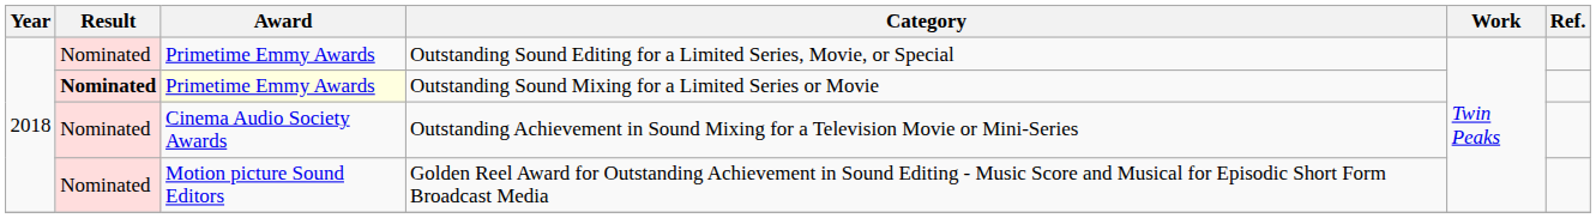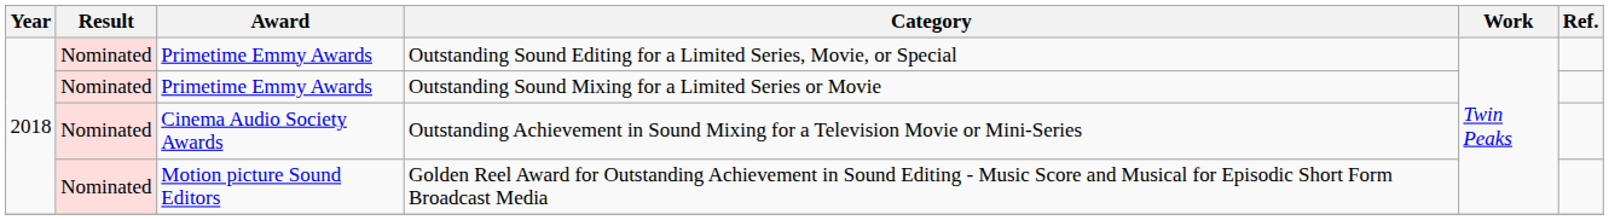 <table class="wikitable">
 <tr>
 <th>Year</th>
 <th>Result</th>
 <th>Award</th>
 <th>Category</th>
 <th>Work</th>
 <th>Ref.</th>
 </tr>
 <tr>
 <td rowspan="4">2018</td>
 <td style="background: #ffdddd">Nominated</td>
 <td><a href='#'>Primetime Emmy Awards</a></td>
 <td>Outstanding Sound Editing for a Limited Series, Movie, or Special</td>
 <td rowspan="4"><em><a href='#'>Twin Peaks</a></em></td>
 <td></td>
 </tr>
 <tr>
-<td style="background: #ffdddd"><strong>Nominated</strong></td>
-<td style="background: lightyellow;"><a href='#'>Primetime Emmy Awards</a></td>
+<td style="background: #ffdddd">Nominated</td>
+<td><a href='#'>Primetime Emmy Awards</a></td>
 <td>Outstanding Sound Mixing for a Limited Series or Movie</td>
 <td></td>
 </tr>
 <tr>
 <td style="background: #ffdddd">Nominated</td>
 <td><a href='#'>Cinema Audio Society Awards</a></td>
 <td>Outstanding Achievement in Sound Mixing for a Television Movie or Mini-Series</td>
 <td></td>
 </tr>
 <tr>
 <td style="background: #ffdddd">Nominated</td>
 <td><a href='#'>Motion picture Sound Editors</a></td>
 <td>Golden Reel Award for Outstanding Achievement in Sound Editing - Music Score and Musical for Episodic Short Form Broadcast Media</td>
 <td></td>
 </tr>
 <tr>
 </tr>
 </table>
